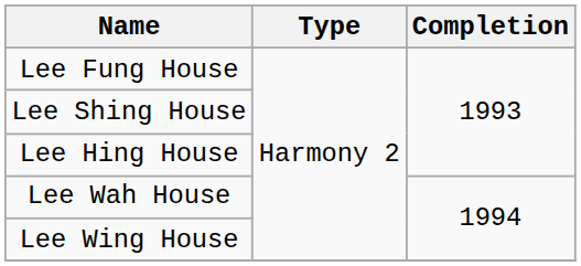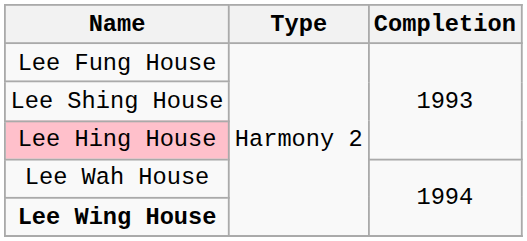 <table class="wikitable" style="text-align: center">
 <tr>
 <th>Name</th>
 <th>Type</th>
 <th>Completion</th>
 </tr>
 <tr>
 <td>Lee Fung House</td>
 <td rowspan="5">Harmony 2</td>
 <td rowspan="3">1993</td>
 </tr>
 <tr>
 <td>Lee Shing House</td>
 </tr>
 <tr>
-<td>Lee Hing House</td>
+<td style="background: pink;">Lee Hing House</td>
 </tr>
 <tr>
 <td>Lee Wah House</td>
 <td rowspan="2">1994</td>
 </tr>
 <tr>
-<td>Lee Wing House</td>
+<td><strong>Lee Wing House</strong></td>
 </tr>
 <tr>
 </tr>
 </table>
